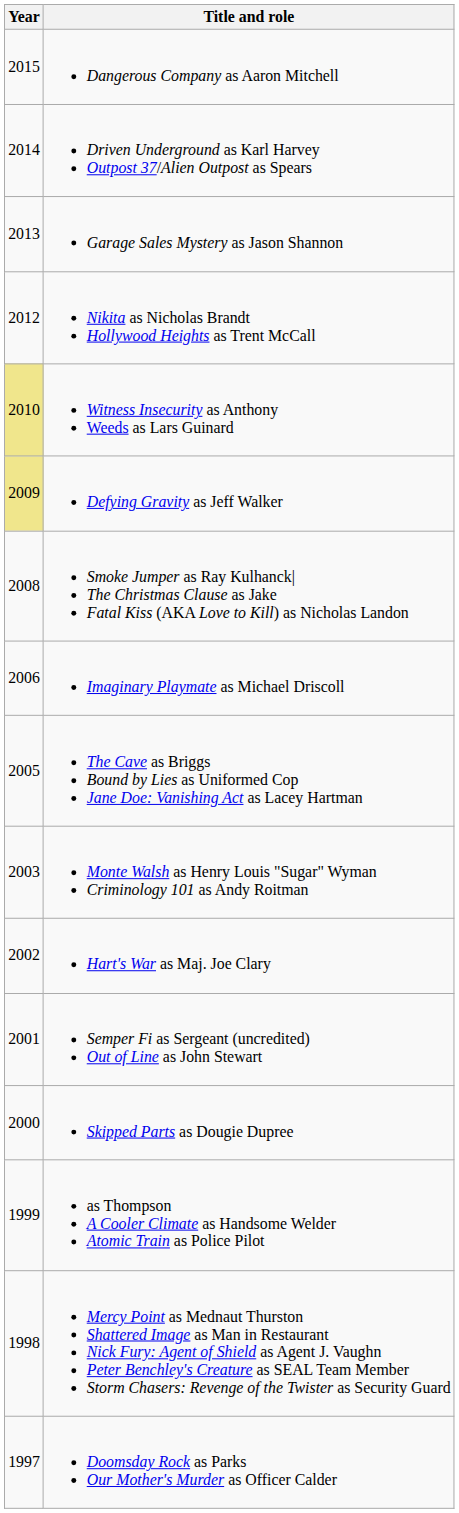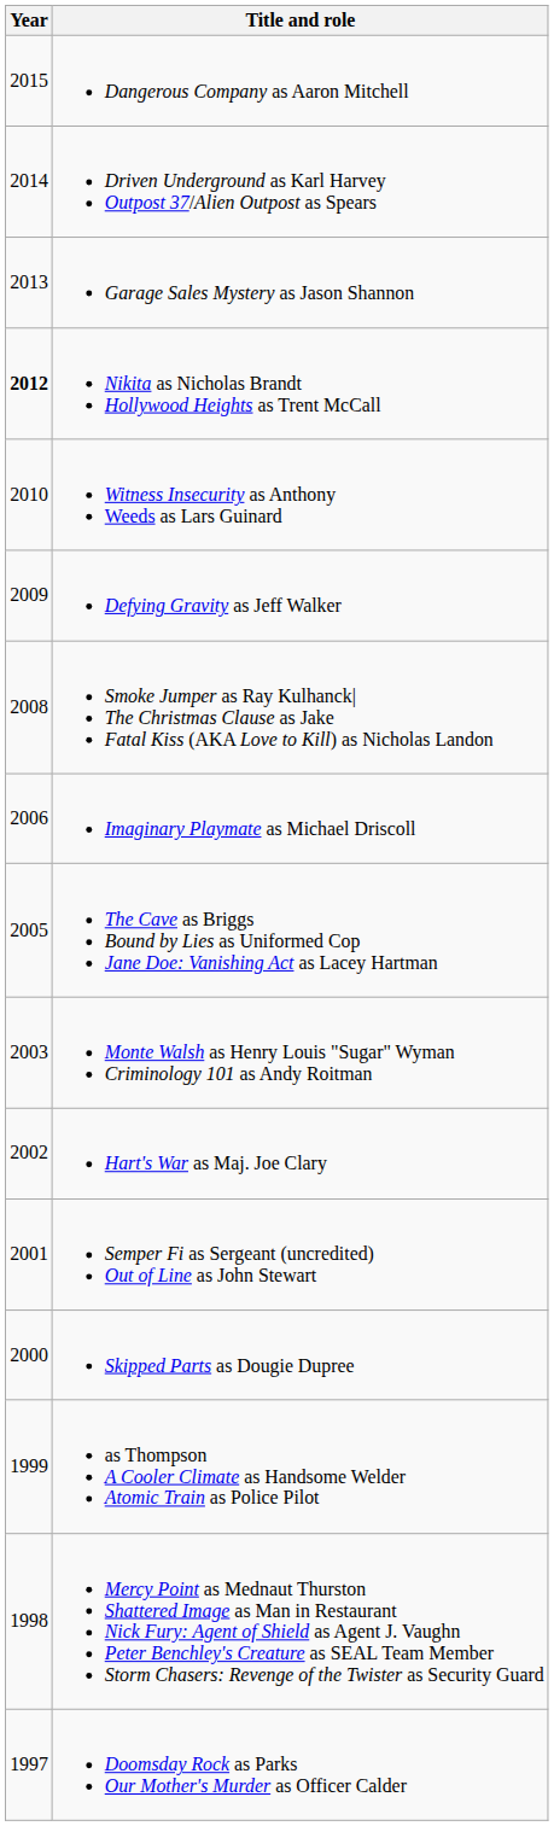 <table class="wikitable">
 <tr>
 <th>Year</th>
 <th>Title and role</th>
 </tr>
 <tr>
 <td>2015</td>
 <td><br><ul><li><em>Dangerous Company</em> as Aaron Mitchell</li></ul></td>
 </tr>
 <tr>
 <td>2014</td>
 <td><br><ul><li><em>Driven Underground</em> as Karl Harvey</li><li><em><a href='#'>Outpost 37</a></em>/<em>Alien Outpost</em> as Spears</li></ul></td>
 </tr>
 <tr>
 <td>2013</td>
 <td><br><ul><li><em>Garage Sales Mystery</em> as Jason Shannon</li></ul></td>
 </tr>
 <tr>
-<td>2012</td>
+<td><strong>2012</strong></td>
 <td><br><ul><li><em><a href='#'>Nikita</a></em> as Nicholas Brandt</li><li><em><a href='#'>Hollywood Heights</a></em> as Trent McCall</li></ul></td>
 </tr>
 <tr>
-<td style="background: khaki;">2010</td>
+<td>2010</td>
 <td><br><ul><li><em><a href='#'>Witness Insecurity</a></em> as Anthony</li><li><a href='#'>Weeds</a> as Lars Guinard</li></ul></td>
 </tr>
 <tr>
-<td style="background: khaki;">2009</td>
+<td>2009</td>
 <td><br><ul><li><em><a href='#'>Defying Gravity</a></em> as Jeff Walker</li></ul></td>
 </tr>
 <tr>
 <td>2008</td>
 <td><br><ul><li><em>Smoke Jumper</em> as Ray Kulhanck|</li><li><em>The Christmas Clause</em> as Jake</li><li><em>Fatal Kiss</em> (AKA <em>Love to Kill</em>) as Nicholas Landon</li></ul></td>
 </tr>
 <tr>
 <td>2006</td>
 <td><br><ul><li><em><a href='#'>Imaginary Playmate</a></em> as Michael Driscoll</li></ul></td>
 </tr>
 <tr>
 <td>2005</td>
 <td><br><ul><li><em><a href='#'>The Cave</a></em> as Briggs</li><li><em>Bound by Lies</em> as Uniformed Cop</li><li><em><a href='#'>Jane Doe: Vanishing Act</a></em> as Lacey Hartman</li></ul></td>
 </tr>
 <tr>
 <td>2003</td>
 <td><br><ul><li><em><a href='#'>Monte Walsh</a></em> as Henry Louis "Sugar" Wyman</li><li><em>Criminology 101</em> as Andy Roitman</li></ul></td>
 </tr>
 <tr>
 <td>2002</td>
 <td><br><ul><li><em><a href='#'>Hart's War</a></em> as Maj. Joe Clary</li></ul></td>
 </tr>
 <tr>
 <td>2001</td>
 <td><br><ul><li><em>Semper Fi</em> as Sergeant (uncredited)</li><li><em><a href='#'>Out of Line</a></em> as John Stewart</li></ul></td>
 </tr>
 <tr>
 <td>2000</td>
 <td><br><ul><li><em><a href='#'>Skipped Parts</a></em> as Dougie Dupree</li></ul></td>
 </tr>
 <tr>
 <td>1999</td>
 <td><br><ul><li><em></em> as Thompson</li><li><em><a href='#'>A Cooler Climate</a></em> as Handsome Welder</li><li><em><a href='#'>Atomic Train</a></em> as Police Pilot</li></ul></td>
 </tr>
 <tr>
 <td>1998</td>
 <td><br><ul><li><em><a href='#'>Mercy Point</a></em> as Mednaut Thurston</li><li><em><a href='#'>Shattered Image</a></em> as Man in Restaurant</li><li><em><a href='#'>Nick Fury: Agent of Shield</a></em> as Agent J. Vaughn</li><li><em><a href='#'>Peter Benchley's Creature</a></em> as SEAL Team Member</li><li><em>Storm Chasers: Revenge of the Twister</em> as Security Guard</li></ul></td>
 </tr>
 <tr>
 <td>1997</td>
 <td><br><ul><li><em><a href='#'>Doomsday Rock</a></em> as Parks</li><li><em><a href='#'>Our Mother's Murder</a></em> as Officer Calder</li></ul></td>
 </tr>
 </table>
